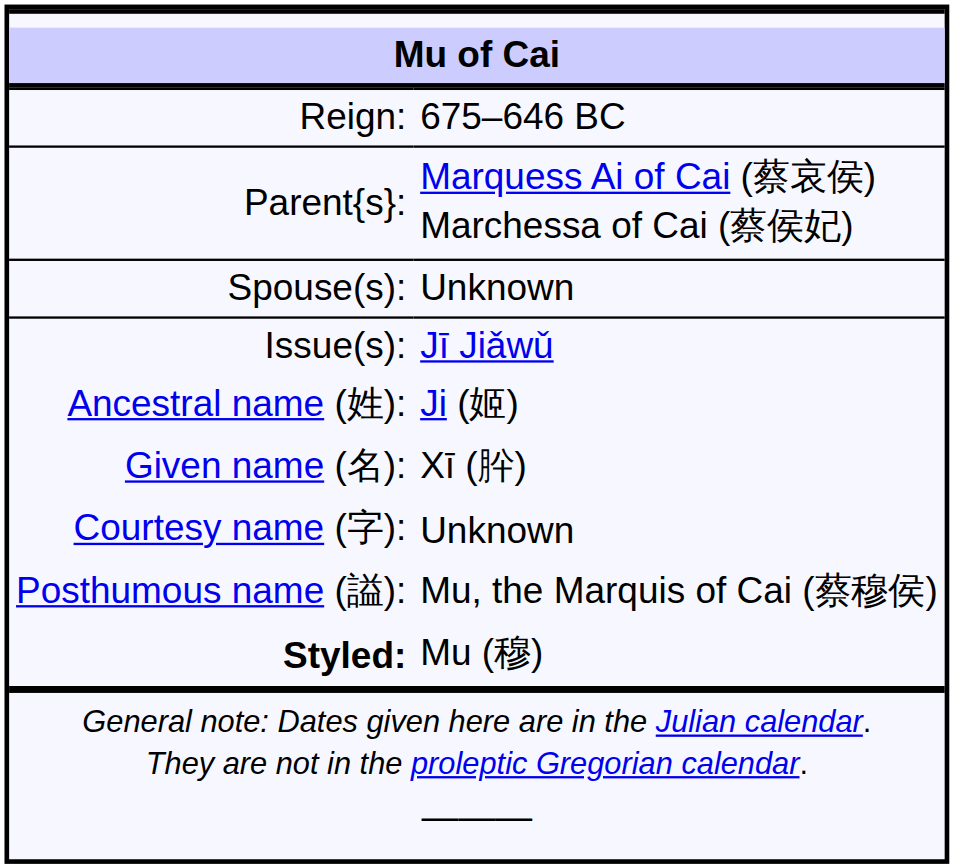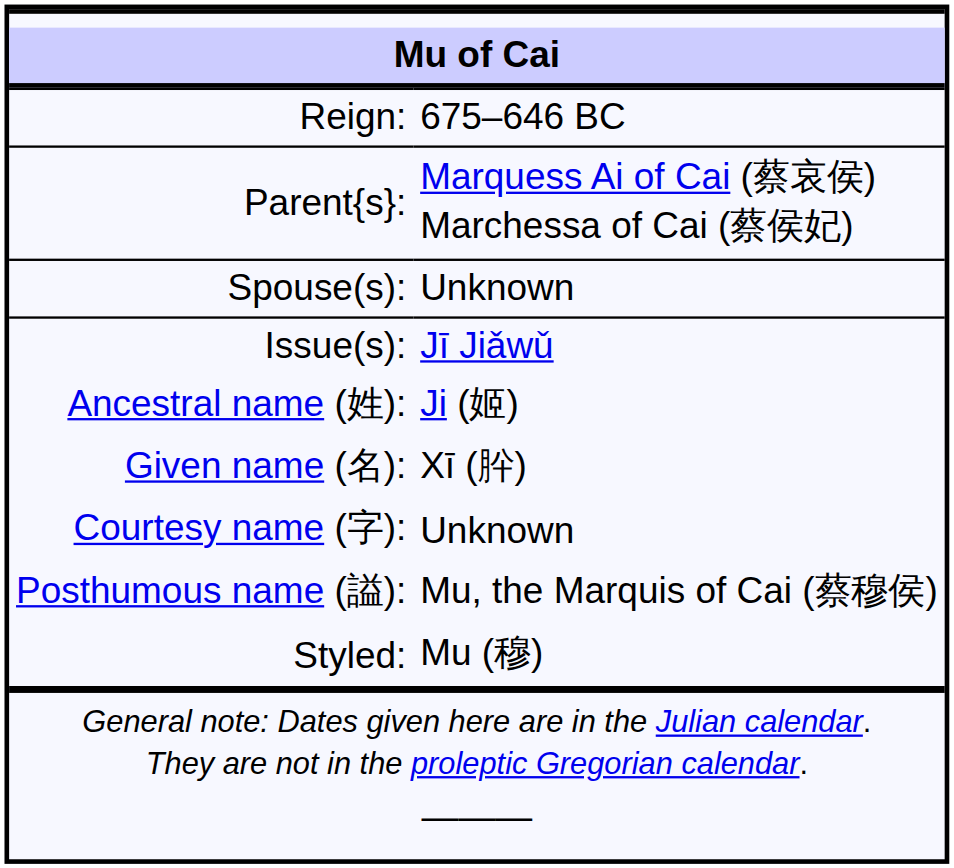 <table cellpadding=3px cellspacing=0px bgcolor=#f7f8ff style="float:right; border:2px solid; margin:5px">
 <tr>
 <td colspan=2 align=center style="border-top:2px solid"></td>
 </tr>
 <tr>
 <th align=center style="background:#ccf; border-bottom:2px solid" colspan=2>Mu of Cai</th>
 </tr>
 <tr>
 <td align=right style="border-top:1px solid">Reign:</td>
 <td style="border-top:1px solid">675–646 BC</td>
 </tr>
 <tr>
 <td align=right style="border-top:1px solid">Parent{s}:</td>
 <td style="border-top:1px solid"><a href='#'>Marquess Ai of Cai</a> (蔡哀侯) <br> Marchessa of Cai (蔡侯妃)</td>
 </tr>
 <tr>
 <td align=right style="border-top:1px solid">Spouse(s):</td>
 <td style="border-top:1px solid">Unknown</td>
 </tr>
 <tr>
 <td align=right style="border-top:1px solid">Issue(s):</td>
 <td style="border-top:1px solid"><a href='#'>Jī Jiǎwǔ</a></td>
 </tr>
 <tr>
 <td align="right"><a href='#'>Ancestral name</a> (姓):</td>
 <td><a href='#'>Ji</a> (姬)</td>
 </tr>
 <tr>
 <td align="right"><a href='#'>Given name</a> (名):</td>
 <td>Xī (肸)</td>
 </tr>
 <tr>
 <td align="right"><a href='#'>Courtesy name</a> (字):</td>
 <td>Unknown</td>
 </tr>
 <tr>
 <td align="right" nowrap="nowrap"><a href='#'>Posthumous name</a> (謚):</td>
 <td>Mu, the Marquis of Cai (蔡穆侯)</td>
 </tr>
 <tr>
-<td align="right"><strong>Styled:</strong></td>
+<td align="right">Styled:</td>
 <td>Mu (穆)</td>
 </tr>
 <tr>
 <td colspan=2 align=center style="border-top:3px solid"><small><em>General note: Dates given here are in the <a href='#'>Julian calendar</a></em>.<br><em>They are not in the <a href='#'>proleptic Gregorian calendar</a></em>.</small></td>
 </tr>
 <tr>
 <td colspan=2 align=center>———</td>
 </tr>
 <tr>
 <td></td>
 </tr>
 <tr>
 </tr>
 </table>
